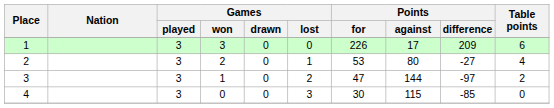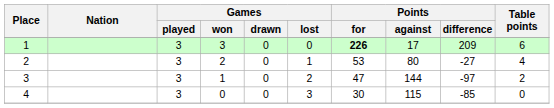 <table class="wikitable">
 <tr>
 <th rowspan=2 width="8%">Place</th>
 <th rowspan=2 width="20%">Nation</th>
 <th colspan=4 width="32%">Games</th>
 <th colspan=3 width="30%">Points</th>
 <th rowspan=2 width="10%">Table<br>points</th>
 </tr>
 <tr>
 <th width="8%">played</th>
 <th width="8%">won</th>
 <th width="8%">drawn</th>
 <th width="8%">lost</th>
 <th width="10%">for</th>
 <th width="10%">against</th>
 <th width="10%">difference</th>
 </tr>
 <tr>
 </tr>
 <tr bgcolor=#ccffcc align=center>
 <td>1</td>
 <td align=left><strong></strong></td>
 <td>3</td>
 <td>3</td>
 <td>0</td>
 <td>0</td>
-<td>226</td>
+<td><strong>226</strong></td>
 <td>17</td>
 <td>209</td>
 <td>6</td>
 </tr>
 <tr bgcolor=#ffffff align=center>
 <td>2</td>
 <td align=left></td>
 <td>3</td>
 <td>2</td>
 <td>0</td>
 <td>1</td>
 <td>53</td>
 <td>80</td>
 <td>-27</td>
 <td>4</td>
 </tr>
 <tr bgcolor=#ffffff align=center>
 <td>3</td>
 <td align=left></td>
 <td>3</td>
 <td>1</td>
 <td>0</td>
 <td>2</td>
 <td>47</td>
 <td>144</td>
 <td>-97</td>
 <td>2</td>
 </tr>
 <tr bgcolor=#ffffff align=center>
 <td>4</td>
 <td align=left></td>
 <td>3</td>
 <td>0</td>
 <td>0</td>
 <td>3</td>
 <td>30</td>
 <td>115</td>
 <td>-85</td>
 <td>0</td>
 </tr>
 <tr bgcolor=#ffcccc align=center>
 </tr>
 </table>
